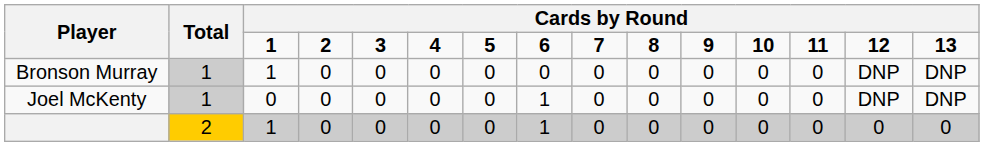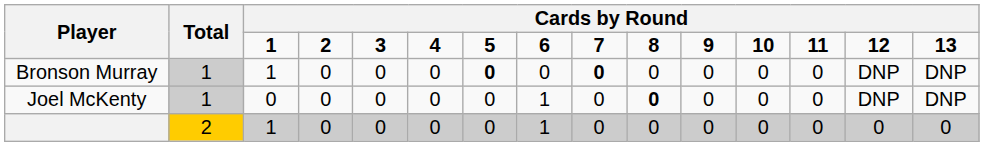 <table class="wikitable" style="text-align:center; line-height: 90%; font-size:90%;" width=80%>
 <tr>
 <th rowspan=2 width=12%>Player</th>
 <th rowspan=2 width=5%>Total</th>
 <th colspan=13>Cards by Round</th>
 </tr>
 <tr>
 <td width=4%><strong>1</strong></td>
 <td width=4%><strong>2</strong></td>
 <td width=4%><strong>3</strong></td>
 <td width=4%><strong>4</strong></td>
 <td width=4%><strong>5</strong></td>
 <td width=4%><strong>6</strong></td>
 <td width=4%><strong>7</strong></td>
 <td width=4%><strong>8</strong></td>
 <td width=4%><strong>9</strong></td>
 <td width=4%><strong>10</strong></td>
 <td width=4%><strong>11</strong></td>
 <td width=4%><strong>12</strong></td>
 <td width=4%><strong>13</strong></td>
 </tr>
 <tr>
 <td>Bronson Murray</td>
 <td bgcolor=#cccccc>1</td>
 <td>1</td>
 <td>0</td>
 <td>0</td>
 <td>0</td>
+<td><strong>0</strong></td>
 <td>0</td>
-<td>0</td>
-<td>0</td>
+<td><strong>0</strong></td>
 <td>0</td>
 <td>0</td>
 <td>0</td>
 <td>0</td>
 <td>DNP</td>
 <td>DNP</td>
 </tr>
 <tr>
 <td>Joel McKenty</td>
 <td bgcolor=#cccccc>1</td>
 <td>0</td>
 <td>0</td>
 <td>0</td>
 <td>0</td>
 <td>0</td>
 <td>1</td>
 <td>0</td>
-<td>0</td>
+<td><strong>0</strong></td>
 <td>0</td>
 <td>0</td>
 <td>0</td>
 <td>DNP</td>
 <td>DNP</td>
 </tr>
 <tr>
 <th></th>
 <td bgcolor=#ffcc00>2</td>
 <td bgcolor=#cccccc>1</td>
 <td bgcolor=#cccccc>0</td>
 <td bgcolor=#cccccc>0</td>
 <td bgcolor=#cccccc>0</td>
 <td bgcolor=#cccccc>0</td>
 <td bgcolor=#cccccc>1</td>
 <td bgcolor=#cccccc>0</td>
 <td bgcolor=#cccccc>0</td>
 <td bgcolor=#cccccc>0</td>
 <td bgcolor=#cccccc>0</td>
 <td bgcolor=#cccccc>0</td>
 <td bgcolor=#cccccc>0</td>
 <td bgcolor=#cccccc>0</td>
 </tr>
 </table>
